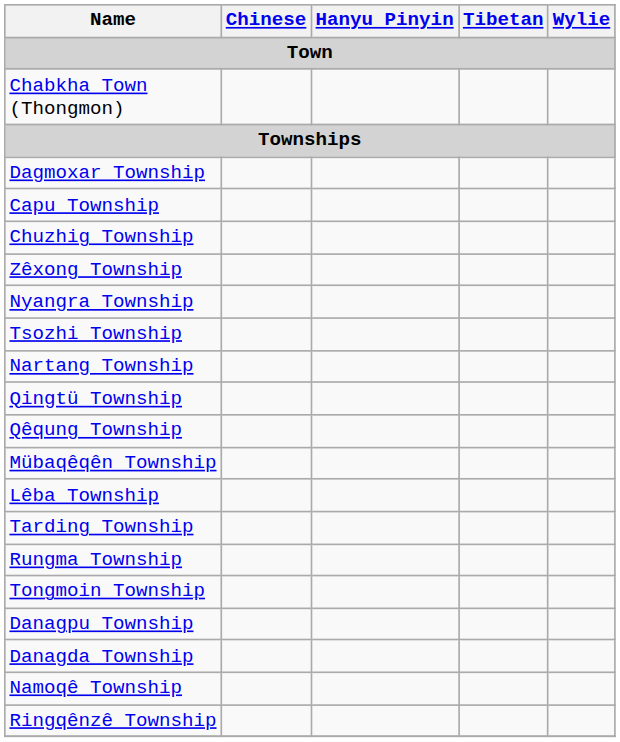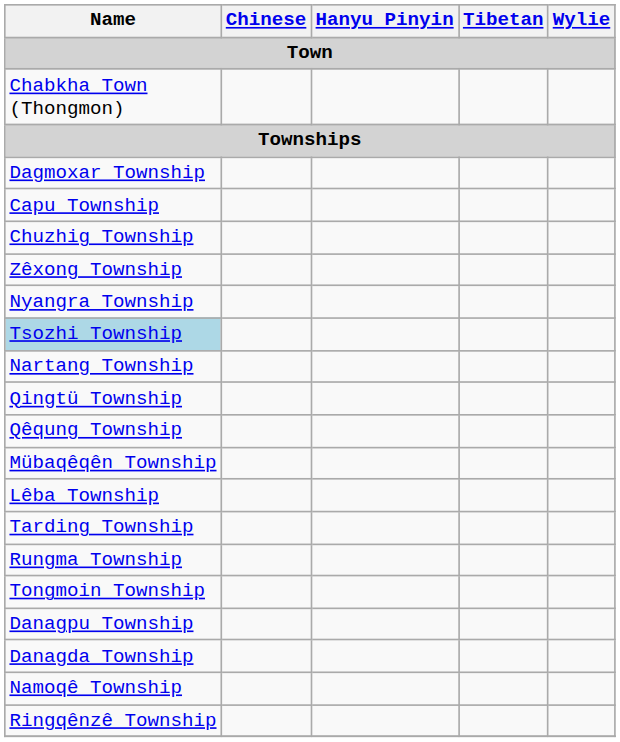 <table class="wikitable"  style="font-size:90%;" align=center>
 <tr>
 <th>Name</th>
 <th><a href='#'>Chinese</a></th>
 <th><a href='#'>Hanyu Pinyin</a></th>
 <th><a href='#'>Tibetan</a></th>
 <th><a href='#'>Wylie</a></th>
 </tr>
 <tr --------->
 <td colspan="7"  style="text-align:center; background:#d3d3d3;"><strong>Town</strong></td>
 </tr>
 <tr --------->
 <td><a href='#'>Chabkha Town</a><br>(Thongmon)</td>
 <td></td>
 <td></td>
 <td></td>
 <td></td>
 </tr>
 <tr --------->
 <td colspan="7"  style="text-align:center; background:#d3d3d3;"><strong>Townships</strong></td>
 </tr>
 <tr --------->
 <td><a href='#'>Dagmoxar Township</a></td>
 <td></td>
 <td></td>
 <td></td>
 <td></td>
 </tr>
 <tr>
 <td><a href='#'>Capu Township</a></td>
 <td></td>
 <td></td>
 <td></td>
 <td></td>
 </tr>
 <tr>
 <td><a href='#'>Chuzhig Township</a></td>
 <td></td>
 <td></td>
 <td></td>
 <td></td>
 </tr>
 <tr>
 <td><a href='#'>Zêxong Township</a></td>
 <td></td>
 <td></td>
 <td></td>
 <td></td>
 </tr>
 <tr>
 <td><a href='#'>Nyangra Township</a></td>
 <td></td>
 <td></td>
 <td></td>
 <td></td>
 </tr>
 <tr>
-<td><a href='#'>Tsozhi Township</a></td>
+<td style="background: lightblue;"><a href='#'>Tsozhi Township</a></td>
 <td></td>
 <td></td>
 <td></td>
 <td></td>
 </tr>
 <tr>
 <td><a href='#'>Nartang Township</a></td>
 <td></td>
 <td></td>
 <td></td>
 <td></td>
 </tr>
 <tr>
 <td><a href='#'>Qingtü Township</a></td>
 <td></td>
 <td></td>
 <td></td>
 <td></td>
 </tr>
 <tr>
 <td><a href='#'>Qêqung Township</a></td>
 <td></td>
 <td></td>
 <td></td>
 <td></td>
 </tr>
 <tr>
 <td><a href='#'>Mübaqêqên Township</a></td>
 <td></td>
 <td></td>
 <td></td>
 <td></td>
 </tr>
 <tr>
 <td><a href='#'>Lêba Township</a></td>
 <td></td>
 <td></td>
 <td></td>
 <td></td>
 </tr>
 <tr>
 <td><a href='#'>Tarding Township</a></td>
 <td></td>
 <td></td>
 <td></td>
 <td></td>
 </tr>
 <tr>
 <td><a href='#'>Rungma Township</a></td>
 <td></td>
 <td></td>
 <td></td>
 <td></td>
 </tr>
 <tr>
 <td><a href='#'>Tongmoin Township</a></td>
 <td></td>
 <td></td>
 <td></td>
 <td></td>
 </tr>
 <tr>
 <td><a href='#'>Danagpu Township</a></td>
 <td></td>
 <td></td>
 <td></td>
 <td></td>
 </tr>
 <tr>
 <td><a href='#'>Danagda Township</a></td>
 <td></td>
 <td></td>
 <td></td>
 <td></td>
 </tr>
 <tr>
 <td><a href='#'>Namoqê Township</a></td>
 <td></td>
 <td></td>
 <td></td>
 <td></td>
 </tr>
 <tr>
 <td><a href='#'>Ringqênzê Township</a></td>
 <td></td>
 <td></td>
 <td></td>
 <td></td>
 </tr>
 <tr>
 </tr>
 </table>
